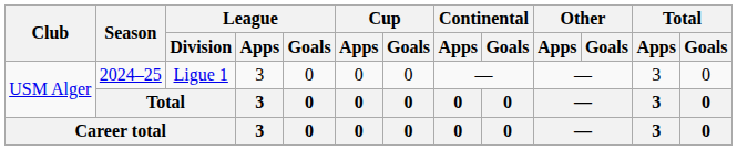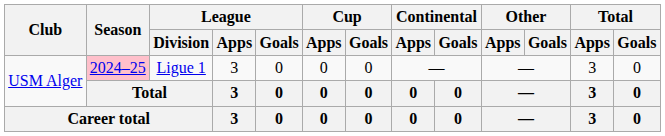 <table class="wikitable" style="text-align:center">
 <tr>
 <th rowspan="2">Club</th>
 <th rowspan="2">Season</th>
 <th colspan="3">League</th>
 <th colspan="2">Cup</th>
 <th colspan="2">Continental</th>
 <th colspan="2">Other</th>
 <th colspan="2">Total</th>
 </tr>
 <tr>
 <th>Division</th>
 <th>Apps</th>
 <th>Goals</th>
 <th>Apps</th>
 <th>Goals</th>
 <th>Apps</th>
 <th>Goals</th>
 <th>Apps</th>
 <th>Goals</th>
 <th>Apps</th>
 <th>Goals</th>
 </tr>
 <tr>
 <td rowspan="2" valign="center"><a href='#'>USM Alger</a></td>
-<td><a href='#'>2024–25</a></td>
+<td style="background: pink;"><a href='#'>2024–25</a></td>
 <td><a href='#'>Ligue 1</a></td>
 <td>3</td>
 <td>0</td>
 <td>0</td>
 <td>0</td>
 <td colspan=2>—</td>
 <td colspan=2>—</td>
 <td>3</td>
 <td>0</td>
 </tr>
 <tr>
 <th colspan="2">Total</th>
 <th>3</th>
 <th>0</th>
 <th>0</th>
 <th>0</th>
 <th>0</th>
 <th>0</th>
 <th colspan=2>—</th>
 <th>3</th>
 <th>0</th>
 </tr>
 <tr>
 <th colspan="3">Career total</th>
 <th>3</th>
 <th>0</th>
 <th>0</th>
 <th>0</th>
 <th>0</th>
 <th>0</th>
 <th colspan=2>—</th>
 <th>3</th>
 <th>0</th>
 </tr>
 </table>
